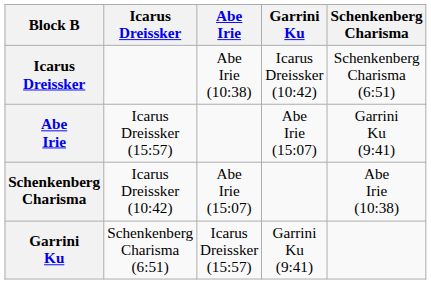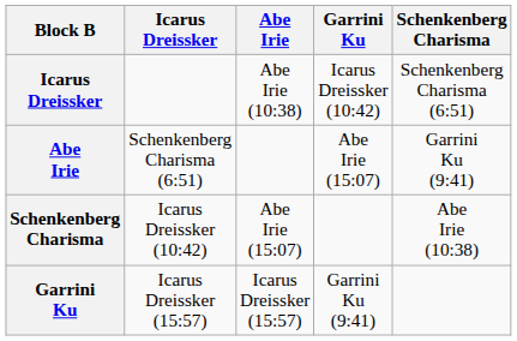 <table class="wikitable" style="text-align:center; margin: 1em auto 1em auto">
 <tr>
 <th>Block B</th>
 <th>Icarus<br><a href='#'>Dreissker</a></th>
 <th><a href='#'>Abe</a><br><a href='#'>Irie</a></th>
 <th>Garrini<br><a href='#'>Ku</a></th>
 <th>Schenkenberg<br>Charisma</th>
 </tr>
 <tr>
 <th>Icarus<br><a href='#'>Dreissker</a></th>
 <td></td>
 <td>Abe<br>Irie<br>(10:38)</td>
 <td>Icarus<br>Dreissker<br>(10:42)</td>
 <td>Schenkenberg<br>Charisma<br>(6:51)</td>
 </tr>
 <tr>
 <th><a href='#'>Abe</a><br><a href='#'>Irie</a></th>
-<td>Icarus<br>Dreissker<br>(15:57)</td>
+<td>Schenkenberg<br>Charisma<br>(6:51)</td>
 <td></td>
 <td>Abe<br>Irie<br>(15:07)</td>
 <td>Garrini<br>Ku<br>(9:41)</td>
 </tr>
 <tr>
 <th>Schenkenberg<br>Charisma</th>
 <td>Icarus<br>Dreissker<br>(10:42)</td>
 <td>Abe<br>Irie<br>(15:07)</td>
 <td></td>
 <td>Abe<br>Irie<br>(10:38)</td>
 </tr>
 <tr>
 <th>Garrini<br><a href='#'>Ku</a></th>
-<td>Schenkenberg<br>Charisma<br>(6:51)</td>
+<td>Icarus<br>Dreissker<br>(15:57)</td>
 <td>Icarus<br>Dreissker<br>(15:57)</td>
 <td>Garrini<br>Ku<br>(9:41)</td>
 <td></td>
 </tr>
 </table>
